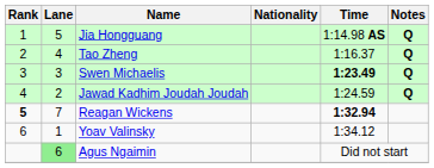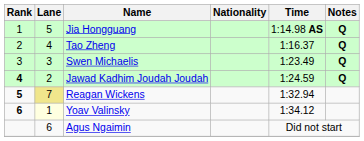 <table class="wikitable">
 <tr>
 <th>Rank</th>
 <th>Lane</th>
 <th>Name</th>
 <th>Nationality</th>
 <th>Time</th>
 <th>Notes</th>
 </tr>
 <tr bgcolor=ccffcc>
 <td align=center>1</td>
 <td align=center>5</td>
 <td><a href='#'>Jia Hongguang</a></td>
 <td></td>
 <td align=center>1:14.98 <strong>AS</strong></td>
 <td align=center><strong>Q</strong></td>
 </tr>
 <tr bgcolor=ccffcc>
 <td align=center>2</td>
 <td align=center>4</td>
 <td><a href='#'>Tao Zheng</a></td>
 <td></td>
 <td align=center>1:16.37</td>
 <td align=center><strong>Q</strong></td>
 </tr>
 <tr bgcolor=ccffcc>
 <td align=center>3</td>
 <td align=center>3</td>
 <td><a href='#'>Swen Michaelis</a></td>
 <td></td>
-<td align=center><strong>1:23.49</strong></td>
+<td align=center>1:23.49</td>
 <td align=center><strong>Q</strong></td>
 </tr>
 <tr bgcolor=ccffcc>
-<td align=center>4</td>
+<td align=center><strong>4</strong></td>
 <td align=center>2</td>
 <td><a href='#'>Jawad Kadhim Joudah Joudah</a></td>
 <td></td>
 <td align=center>1:24.59</td>
 <td align=center><strong>Q</strong></td>
 </tr>
 <tr>
 <td align=center><strong>5</strong></td>
-<td align=center>7</td>
+<td align=center style="background: khaki;">7</td>
 <td><a href='#'>Reagan Wickens</a></td>
 <td></td>
-<td align=center><strong>1:32.94</strong></td>
+<td align=center>1:32.94</td>
 <td align=center></td>
 </tr>
 <tr>
-<td align=center>6</td>
-<td align=center>1</td>
+<td align=center><strong>6</strong></td>
+<td align=center style="background: lightyellow;">1</td>
 <td><a href='#'>Yoav Valinsky</a></td>
 <td></td>
 <td align=center>1:34.12</td>
 <td align=center></td>
 </tr>
 <tr>
 <td align=center></td>
-<td align=center style="background: lightgreen;">6</td>
+<td align=center>6</td>
 <td><a href='#'>Agus Ngaimin</a></td>
 <td></td>
 <td colspan=2 align=center>Did not start</td>
 </tr>
 <tr>
 </tr>
 </table>
